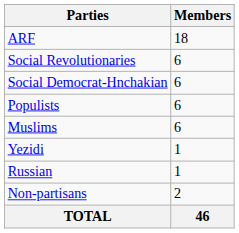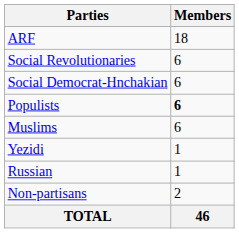 <table class="wikitable">
 <tr>
 <th>Parties</th>
 <th>Members</th>
 </tr>
 <tr>
 <td><a href='#'>ARF</a></td>
 <td>18</td>
 </tr>
 <tr>
 <td><a href='#'>Social Revolutionaries</a></td>
 <td>6</td>
 </tr>
 <tr>
 <td><a href='#'>Social Democrat-Hnchakian</a></td>
 <td>6</td>
 </tr>
 <tr>
 <td><a href='#'>Populists</a></td>
-<td>6</td>
+<td><strong>6</strong></td>
 </tr>
 <tr>
 <td><a href='#'>Muslims</a></td>
 <td>6</td>
 </tr>
 <tr>
 <td><a href='#'>Yezidi</a></td>
 <td>1</td>
 </tr>
 <tr>
 <td><a href='#'>Russian</a></td>
 <td>1</td>
 </tr>
 <tr>
 <td><a href='#'>Non-partisans</a></td>
 <td>2</td>
 </tr>
 <tr>
 <th>TOTAL</th>
 <th>46</th>
 </tr>
 </table>
